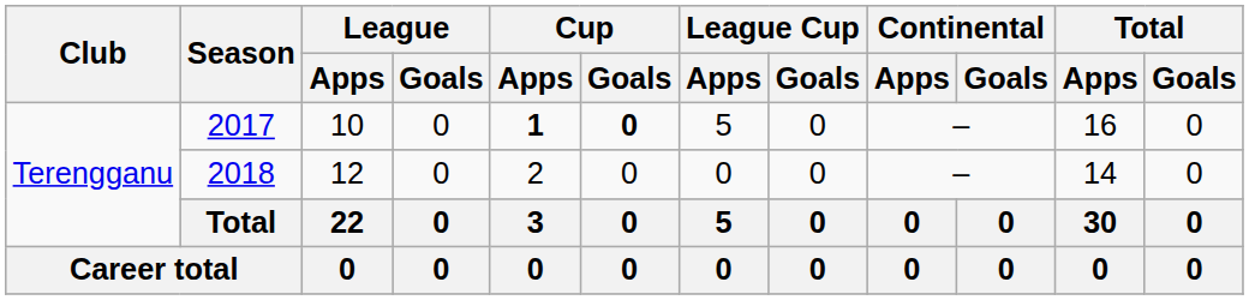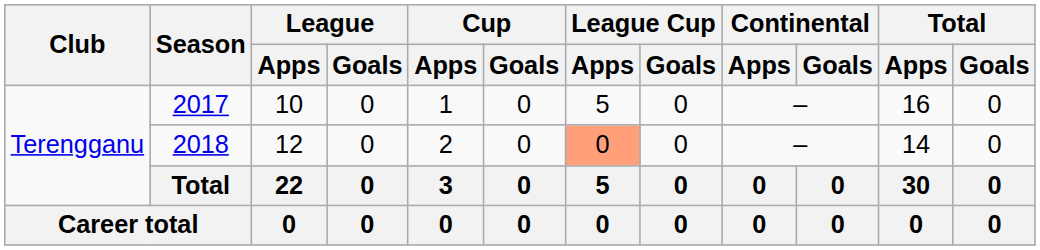 <table class="wikitable" style="text-align: center;">
 <tr>
 <th rowspan="2">Club</th>
 <th rowspan="2">Season</th>
 <th colspan="2">League</th>
 <th colspan="2">Cup</th>
 <th colspan="2">League Cup</th>
 <th colspan="2">Continental</th>
 <th colspan="2">Total</th>
 </tr>
 <tr>
 <th>Apps</th>
 <th>Goals</th>
 <th>Apps</th>
 <th>Goals</th>
 <th>Apps</th>
 <th>Goals</th>
 <th>Apps</th>
 <th>Goals</th>
 <th>Apps</th>
 <th>Goals</th>
 </tr>
 <tr>
 <td rowspan="3" valign="center"><a href='#'>Terengganu</a></td>
 <td><a href='#'>2017</a></td>
 <td>10</td>
 <td>0</td>
-<td><strong>1</strong></td>
-<td><strong>0</strong></td>
+<td>1</td>
+<td>0</td>
 <td>5</td>
 <td>0</td>
 <td colspan="2">–</td>
 <td>16</td>
 <td>0</td>
 </tr>
 <tr>
 <td><a href='#'>2018</a></td>
 <td>12</td>
 <td>0</td>
 <td>2</td>
 <td>0</td>
-<td>0</td>
+<td style="background: lightsalmon;">0</td>
 <td>0</td>
 <td colspan="2">–</td>
 <td>14</td>
 <td>0</td>
 </tr>
 <tr>
 <th>Total</th>
 <th>22</th>
 <th>0</th>
 <th>3</th>
 <th>0</th>
 <th>5</th>
 <th>0</th>
 <th>0</th>
 <th>0</th>
 <th>30</th>
 <th>0</th>
 </tr>
 <tr>
 <th colspan="2">Career total</th>
 <th>0</th>
 <th>0</th>
 <th>0</th>
 <th>0</th>
 <th>0</th>
 <th>0</th>
 <th>0</th>
 <th>0</th>
 <th>0</th>
 <th>0</th>
 </tr>
 </table>
